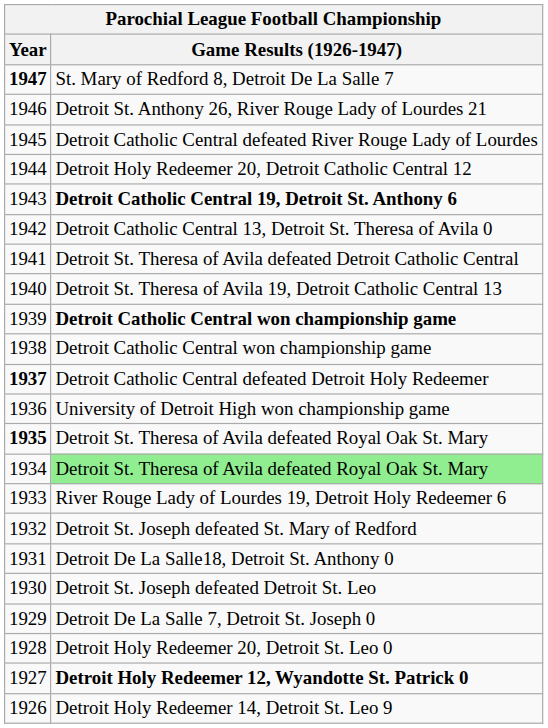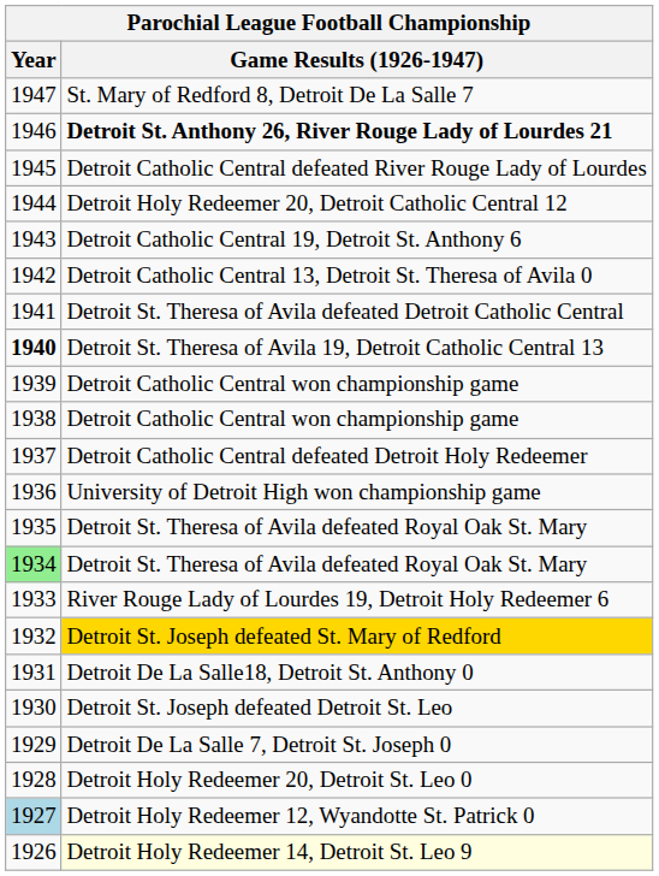 <table class="wikitable sortable">
 <tr>
 <th colspan=2>Parochial League Football Championship</th>
 </tr>
 <tr>
 <th>Year</th>
 <th>Game Results (1926-1947)</th>
 </tr>
 <tr>
-<td><strong>1947</strong></td>
+<td>1947</td>
 <td>St. Mary of Redford 8, Detroit De La Salle 7</td>
 </tr>
 <tr>
 <td>1946</td>
-<td>Detroit St. Anthony 26, River Rouge Lady of Lourdes 21</td>
+<td><strong>Detroit St. Anthony 26, River Rouge Lady of Lourdes 21</strong></td>
 </tr>
 <tr>
 <td>1945</td>
 <td>Detroit Catholic Central defeated River Rouge Lady of Lourdes</td>
 </tr>
 <tr>
 <td>1944</td>
 <td>Detroit Holy Redeemer 20, Detroit Catholic Central 12</td>
 </tr>
 <tr>
 <td>1943</td>
-<td><strong>Detroit Catholic Central 19, Detroit St. Anthony 6</strong></td>
+<td>Detroit Catholic Central 19, Detroit St. Anthony 6</td>
 </tr>
 <tr>
 <td>1942</td>
 <td>Detroit Catholic Central 13, Detroit St. Theresa of Avila 0</td>
 </tr>
 <tr>
 <td>1941</td>
 <td>Detroit St. Theresa of Avila defeated Detroit Catholic Central</td>
 </tr>
 <tr>
-<td>1940</td>
+<td><strong>1940</strong></td>
 <td>Detroit St. Theresa of Avila 19, Detroit Catholic Central 13</td>
 </tr>
 <tr>
 <td>1939</td>
-<td><strong>Detroit Catholic Central won championship game</strong></td>
+<td>Detroit Catholic Central won championship game</td>
 </tr>
 <tr>
 <td>1938</td>
 <td>Detroit Catholic Central won championship game</td>
 </tr>
 <tr>
-<td><strong>1937</strong></td>
+<td>1937</td>
 <td>Detroit Catholic Central defeated Detroit Holy Redeemer</td>
 </tr>
 <tr>
 <td>1936</td>
 <td>University of Detroit High won championship game</td>
 </tr>
 <tr>
-<td><strong>1935</strong></td>
+<td>1935</td>
 <td>Detroit St. Theresa of Avila defeated Royal Oak St. Mary</td>
 </tr>
 <tr>
-<td>1934</td>
-<td style="background: lightgreen;">Detroit St. Theresa of Avila defeated Royal Oak St. Mary</td>
+<td style="background: lightgreen;">1934</td>
+<td>Detroit St. Theresa of Avila defeated Royal Oak St. Mary</td>
 </tr>
 <tr>
 <td>1933</td>
 <td>River Rouge Lady of Lourdes 19, Detroit Holy Redeemer 6</td>
 </tr>
 <tr>
 <td>1932</td>
-<td>Detroit St. Joseph defeated St. Mary of Redford</td>
+<td style="background: gold;">Detroit St. Joseph defeated St. Mary of Redford</td>
 </tr>
 <tr>
 <td>1931</td>
 <td>Detroit De La Salle18,  Detroit St. Anthony 0</td>
 </tr>
 <tr>
 <td>1930</td>
 <td>Detroit St. Joseph defeated Detroit St. Leo</td>
 </tr>
 <tr>
 <td>1929</td>
 <td>Detroit De La Salle 7, Detroit St. Joseph 0</td>
 </tr>
 <tr>
 <td>1928</td>
 <td>Detroit Holy Redeemer 20, Detroit St. Leo 0</td>
 </tr>
 <tr>
-<td>1927</td>
-<td><strong>Detroit Holy Redeemer 12, Wyandotte St. Patrick 0</strong></td>
+<td style="background: lightblue;">1927</td>
+<td>Detroit Holy Redeemer 12, Wyandotte St. Patrick 0</td>
 </tr>
 <tr>
 <td>1926</td>
-<td>Detroit Holy Redeemer 14, Detroit St. Leo 9</td>
+<td style="background: lightyellow;">Detroit Holy Redeemer 14, Detroit St. Leo 9</td>
 </tr>
 </table>
